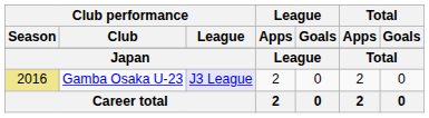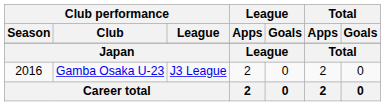 <table class="wikitable" style="text-align:center">
 <tr>
 <th colspan=3>Club performance</th>
 <th colspan=2>League</th>
 <th colspan=2>Total</th>
 </tr>
 <tr>
 <th>Season</th>
 <th>Club</th>
 <th>League</th>
 <th>Apps</th>
 <th>Goals</th>
 <th>Apps</th>
 <th>Goals</th>
 </tr>
 <tr>
 </tr>
 <tr>
 <th colspan=3>Japan</th>
 <th colspan=2>League</th>
 <th colspan=2>Total</th>
 </tr>
 <tr>
-<td style="background: khaki;">2016</td>
+<td>2016</td>
 <td rowspan="1"><a href='#'>Gamba Osaka U-23</a></td>
-<td rowspan="1" style="background: lavender;"><a href='#'>J3 League</a></td>
+<td rowspan="1"><a href='#'>J3 League</a></td>
 <td>2</td>
 <td>0</td>
 <td>2</td>
 <td>0</td>
 </tr>
 <tr>
 <th colspan=3>Career total</th>
 <th>2</th>
 <th>0</th>
 <th>2</th>
 <th>0</th>
 </tr>
 </table>
